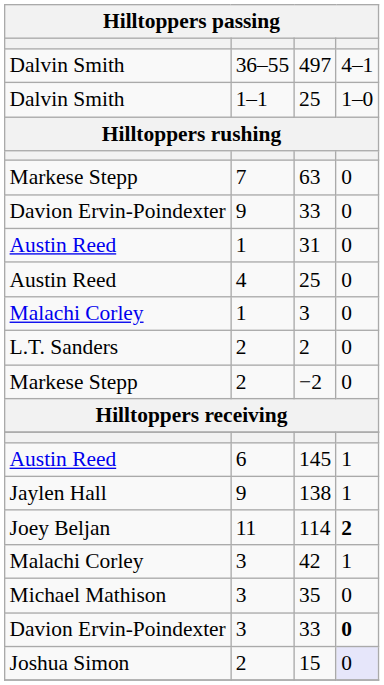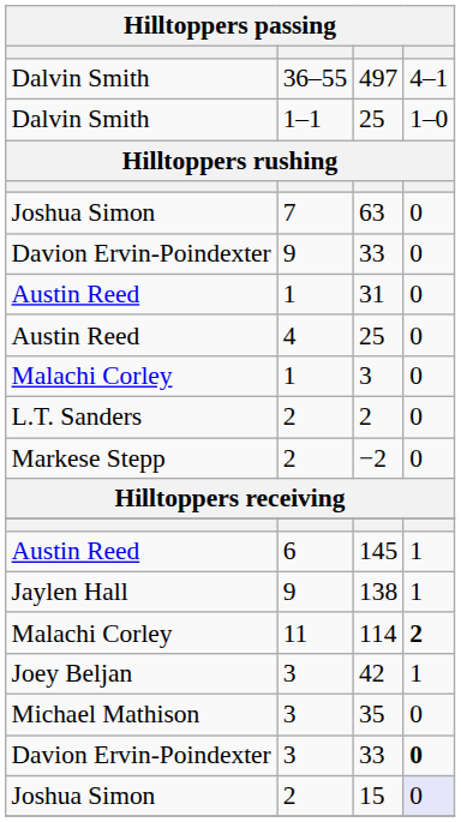 <table class="wikitable plainrowheaders">
 <tr>
 <th colspan="6">Hilltoppers passing</th>
 </tr>
 <tr>
 <th scope="col"></th>
 <th scope="col"></th>
 <th scope="col"></th>
 <th scope="col"></th>
 </tr>
 <tr>
 <td>Dalvin Smith</td>
 <td>36–55</td>
 <td>497</td>
 <td>4–1</td>
 </tr>
 <tr>
 <td>Dalvin Smith</td>
 <td>1–1</td>
 <td>25</td>
 <td>1–0</td>
 </tr>
 <tr>
 <th colspan="6">Hilltoppers rushing</th>
 </tr>
 <tr>
 <th scope="col"></th>
 <th scope="col"></th>
 <th scope="col"></th>
 <th scope="col"></th>
 </tr>
 <tr>
-<td>Markese Stepp</td>
+<td>Joshua Simon</td>
 <td>7</td>
 <td>63</td>
 <td>0</td>
 </tr>
 <tr>
 <td>Davion Ervin-Poindexter</td>
 <td>9</td>
 <td>33</td>
 <td>0</td>
 </tr>
 <tr>
 <td><a href='#'>Austin Reed</a></td>
 <td>1</td>
 <td>31</td>
 <td>0</td>
 </tr>
 <tr>
 <td>Austin Reed</td>
 <td>4</td>
 <td>25</td>
 <td>0</td>
 </tr>
 <tr>
 <td><a href='#'>Malachi Corley</a></td>
 <td>1</td>
 <td>3</td>
 <td>0</td>
 </tr>
 <tr>
 <td>L.T. Sanders</td>
 <td>2</td>
 <td>2</td>
 <td>0</td>
 </tr>
 <tr>
 <td>Markese Stepp</td>
 <td>2</td>
 <td>−2</td>
 <td>0</td>
 </tr>
 <tr>
 <th colspan="6">Hilltoppers receiving</th>
 </tr>
 <tr>
 </tr>
 <tr>
 <th scope="col"></th>
 <th scope="col"></th>
 <th scope="col"></th>
 <th scope="col"></th>
 </tr>
 <tr>
 <td><a href='#'>Austin Reed</a></td>
 <td>6</td>
 <td>145</td>
 <td>1</td>
 </tr>
 <tr>
 <td>Jaylen Hall</td>
 <td>9</td>
 <td>138</td>
 <td>1</td>
 </tr>
 <tr>
-<td>Joey Beljan</td>
+<td>Malachi Corley</td>
 <td>11</td>
 <td>114</td>
 <td><strong>2</strong></td>
 </tr>
 <tr>
-<td>Malachi Corley</td>
+<td>Joey Beljan</td>
 <td>3</td>
 <td>42</td>
 <td>1</td>
 </tr>
 <tr>
 <td>Michael Mathison</td>
 <td>3</td>
 <td>35</td>
 <td>0</td>
 </tr>
 <tr>
 <td>Davion Ervin-Poindexter</td>
 <td>3</td>
 <td>33</td>
 <td><strong>0</strong></td>
 </tr>
 <tr>
 <td>Joshua Simon</td>
 <td>2</td>
 <td>15</td>
 <td style="background: lavender;">0</td>
 </tr>
 <tr>
 </tr>
 </table>
